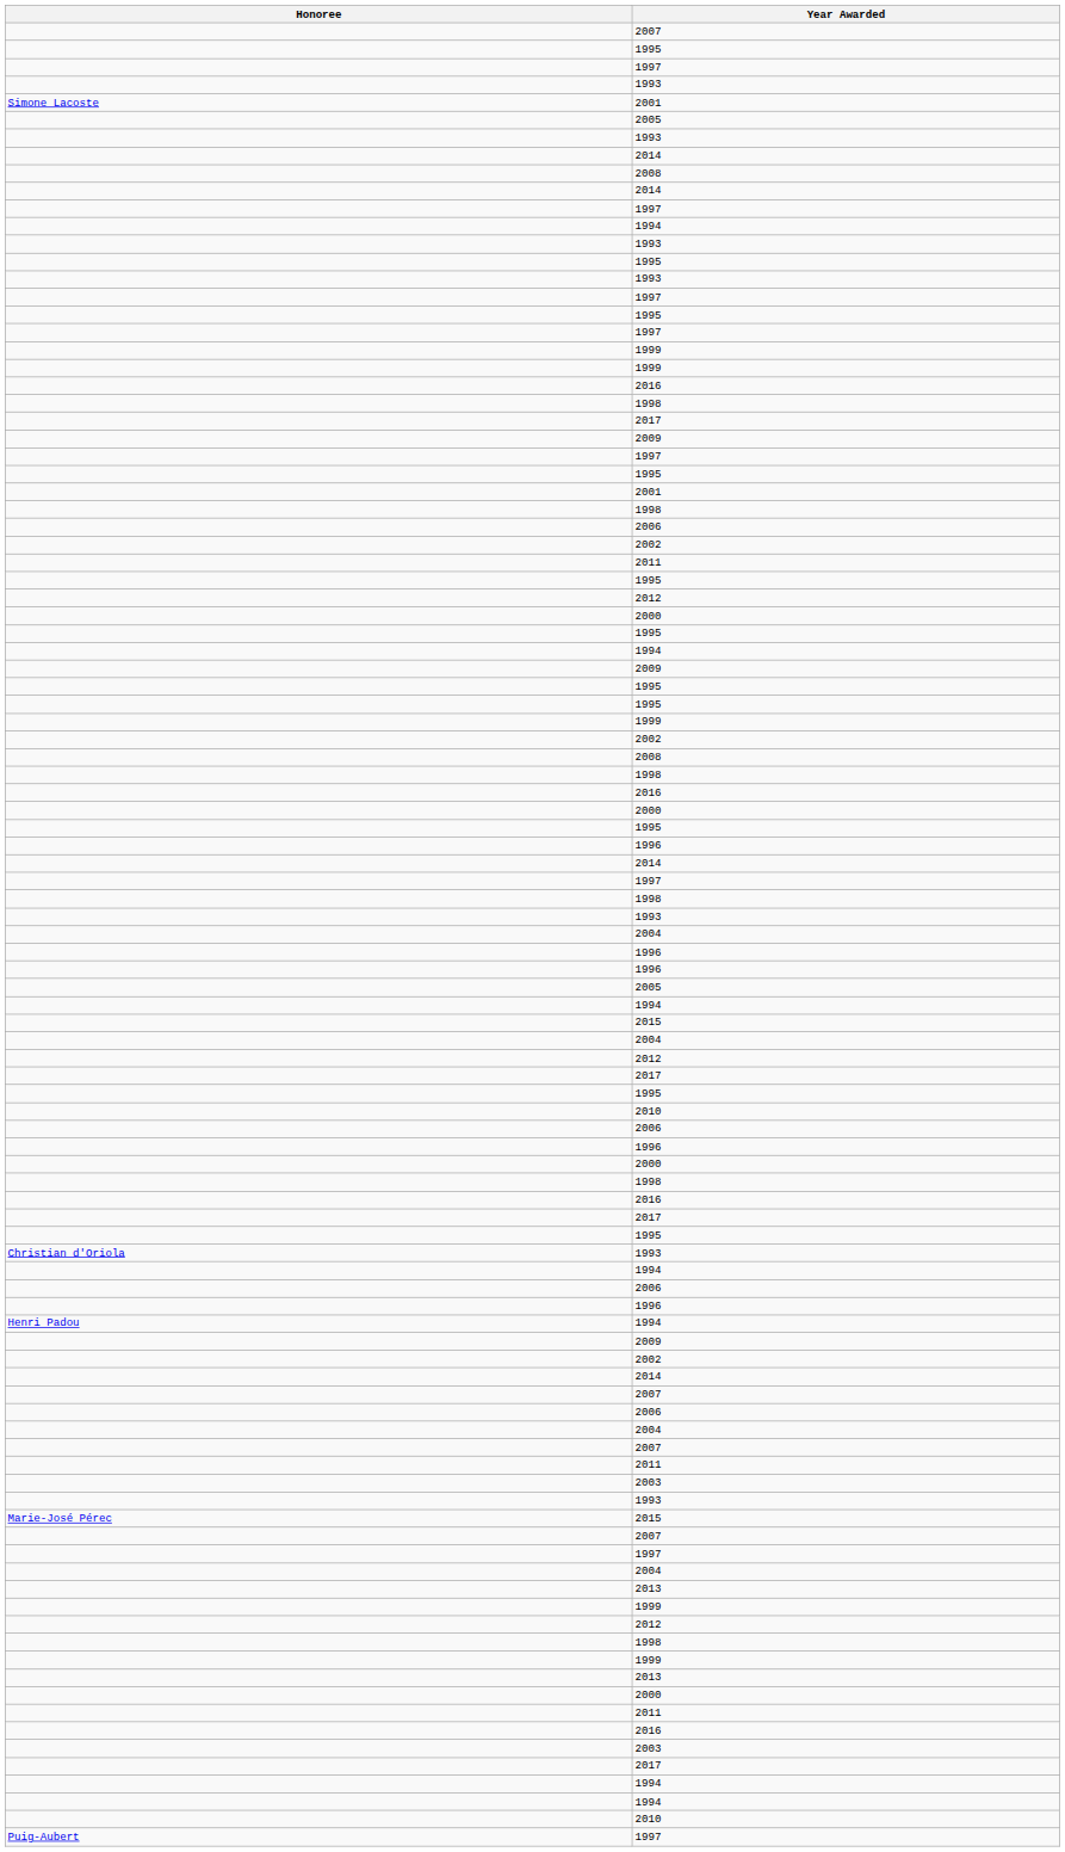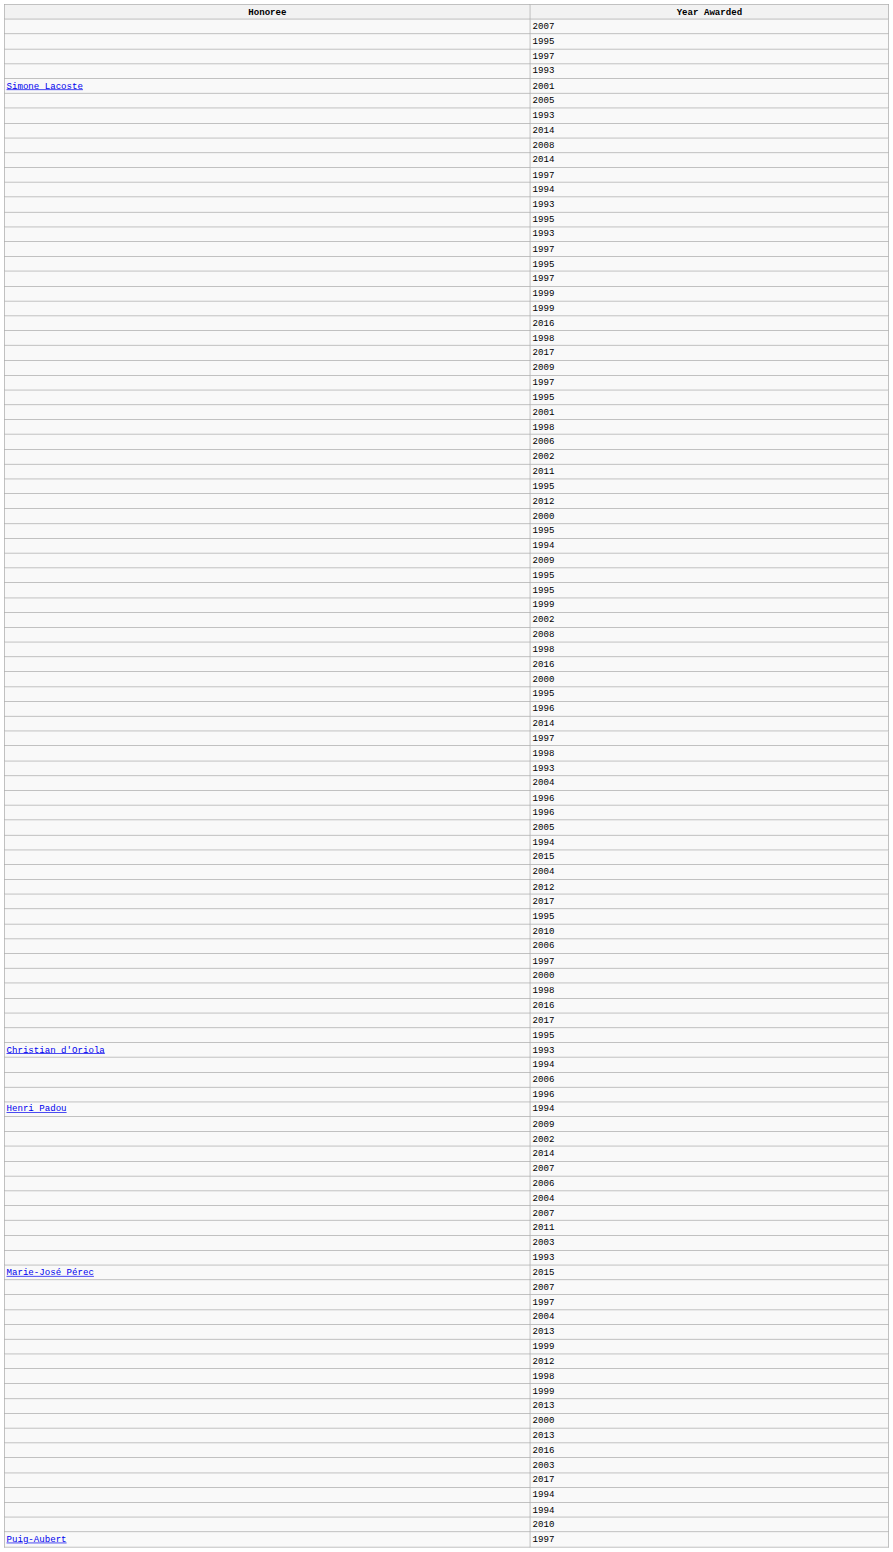 <table class="wikitable sortable" style="width: 100%">
 <tr>
 <th scope="col">Honoree</th>
 <th>Year Awarded</th>
 </tr>
 <tr>
 <td></td>
 <td>2007</td>
 </tr>
 <tr>
 <td></td>
 <td>1995</td>
 </tr>
 <tr>
 <td></td>
 <td>1997</td>
 </tr>
 <tr>
 <td></td>
 <td>1993</td>
 </tr>
 <tr>
 <td><a href='#'>Simone Lacoste</a></td>
 <td>2001</td>
 </tr>
 <tr>
 <td></td>
 <td>2005</td>
 </tr>
 <tr>
 <td></td>
 <td>1993</td>
 </tr>
 <tr>
 <td></td>
 <td>2014</td>
 </tr>
 <tr>
 <td></td>
 <td>2008</td>
 </tr>
 <tr>
 <td></td>
 <td>2014</td>
 </tr>
 <tr>
 <td></td>
 <td>1997</td>
 </tr>
 <tr>
 <td></td>
 <td>1994</td>
 </tr>
 <tr>
 <td></td>
 <td>1993</td>
 </tr>
 <tr>
 <td></td>
 <td>1995</td>
 </tr>
 <tr>
 <td></td>
 <td>1993</td>
 </tr>
 <tr>
 <td></td>
 <td>1997</td>
 </tr>
 <tr>
 <td></td>
 <td>1995</td>
 </tr>
 <tr>
 <td></td>
 <td>1997</td>
 </tr>
 <tr>
 <td></td>
 <td>1999</td>
 </tr>
 <tr>
 <td></td>
 <td>1999</td>
 </tr>
 <tr>
 <td></td>
 <td>2016</td>
 </tr>
 <tr>
 <td></td>
 <td>1998</td>
 </tr>
 <tr>
 <td></td>
 <td>2017</td>
 </tr>
 <tr>
 <td></td>
 <td>2009</td>
 </tr>
 <tr>
 <td></td>
 <td>1997</td>
 </tr>
 <tr>
 <td></td>
 <td>1995</td>
 </tr>
 <tr>
 <td></td>
 <td>2001</td>
 </tr>
 <tr>
 <td></td>
 <td>1998</td>
 </tr>
 <tr>
 <td></td>
 <td>2006</td>
 </tr>
 <tr>
 <td></td>
 <td>2002</td>
 </tr>
 <tr>
 <td></td>
 <td>2011</td>
 </tr>
 <tr>
 <td></td>
 <td>1995</td>
 </tr>
 <tr>
 <td></td>
 <td>2012</td>
 </tr>
 <tr>
 <td></td>
 <td>2000</td>
 </tr>
 <tr>
 <td></td>
 <td>1995</td>
 </tr>
 <tr>
 <td></td>
 <td>1994</td>
 </tr>
 <tr>
 <td></td>
 <td>2009</td>
 </tr>
 <tr>
 <td></td>
 <td>1995</td>
 </tr>
 <tr>
 <td></td>
 <td>1995</td>
 </tr>
 <tr>
 <td></td>
 <td>1999</td>
 </tr>
 <tr>
 <td></td>
 <td>2002</td>
 </tr>
 <tr>
 <td></td>
 <td>2008</td>
 </tr>
 <tr>
 <td></td>
 <td>1998</td>
 </tr>
 <tr>
 <td></td>
 <td>2016</td>
 </tr>
 <tr>
 <td></td>
 <td>2000</td>
 </tr>
 <tr>
 <td></td>
 <td>1995</td>
 </tr>
 <tr>
 <td></td>
 <td>1996</td>
 </tr>
 <tr>
 <td></td>
 <td>2014</td>
 </tr>
 <tr>
 <td></td>
 <td>1997</td>
 </tr>
 <tr>
 <td></td>
 <td>1998</td>
 </tr>
 <tr>
 <td></td>
 <td>1993</td>
 </tr>
 <tr>
 <td></td>
 <td>2004</td>
 </tr>
 <tr>
 <td></td>
 <td>1996</td>
 </tr>
 <tr>
 <td></td>
 <td>1996</td>
 </tr>
 <tr>
 <td></td>
 <td>2005</td>
 </tr>
 <tr>
 <td></td>
 <td>1994</td>
 </tr>
 <tr>
 <td></td>
 <td>2015</td>
 </tr>
 <tr>
 <td></td>
 <td>2004</td>
 </tr>
 <tr>
 <td></td>
 <td>2012</td>
 </tr>
 <tr>
 <td></td>
 <td>2017</td>
 </tr>
 <tr>
 <td></td>
 <td>1995</td>
 </tr>
 <tr>
 <td></td>
 <td>2010</td>
 </tr>
 <tr>
 <td></td>
 <td>2006</td>
 </tr>
 <tr>
 <td></td>
-<td>1996</td>
+<td>1997</td>
 </tr>
 <tr>
 <td></td>
 <td>2000</td>
 </tr>
 <tr>
 <td></td>
 <td>1998</td>
 </tr>
 <tr>
 <td></td>
 <td>2016</td>
 </tr>
 <tr>
 <td></td>
 <td>2017</td>
 </tr>
 <tr>
 <td></td>
 <td>1995</td>
 </tr>
 <tr>
 <td><a href='#'>Christian d'Oriola</a></td>
 <td>1993</td>
 </tr>
 <tr>
 <td></td>
 <td>1994</td>
 </tr>
 <tr>
 <td></td>
 <td>2006</td>
 </tr>
 <tr>
 <td></td>
 <td>1996</td>
 </tr>
 <tr>
 <td><a href='#'>Henri Padou</a></td>
 <td>1994</td>
 </tr>
 <tr>
 <td></td>
 <td>2009</td>
 </tr>
 <tr>
 <td></td>
 <td>2002</td>
 </tr>
 <tr>
 <td></td>
 <td>2014</td>
 </tr>
 <tr>
 <td></td>
 <td>2007</td>
 </tr>
 <tr>
 <td></td>
 <td>2006</td>
 </tr>
 <tr>
 <td></td>
 <td>2004</td>
 </tr>
 <tr>
 <td></td>
 <td>2007</td>
 </tr>
 <tr>
 <td></td>
 <td>2011</td>
 </tr>
 <tr>
 <td></td>
 <td>2003</td>
 </tr>
 <tr>
 <td></td>
 <td>1993</td>
 </tr>
 <tr>
 <td><a href='#'>Marie-José Pérec</a></td>
 <td>2015</td>
 </tr>
 <tr>
 <td></td>
 <td>2007</td>
 </tr>
 <tr>
 <td></td>
 <td>1997</td>
 </tr>
 <tr>
 <td></td>
 <td>2004</td>
 </tr>
 <tr>
 <td></td>
 <td>2013</td>
 </tr>
 <tr>
 <td></td>
 <td>1999</td>
 </tr>
 <tr>
 <td></td>
 <td>2012</td>
 </tr>
 <tr>
 <td></td>
 <td>1998</td>
 </tr>
 <tr>
 <td></td>
 <td>1999</td>
 </tr>
 <tr>
 <td></td>
 <td>2013</td>
 </tr>
 <tr>
 <td></td>
 <td>2000</td>
 </tr>
 <tr>
 <td></td>
-<td>2011</td>
+<td>2013</td>
 </tr>
 <tr>
 <td></td>
 <td>2016</td>
 </tr>
 <tr>
 <td></td>
 <td>2003</td>
 </tr>
 <tr>
 <td></td>
 <td>2017</td>
 </tr>
 <tr>
 <td></td>
 <td>1994</td>
 </tr>
 <tr>
 <td></td>
 <td>1994</td>
 </tr>
 <tr>
 <td></td>
 <td>2010</td>
 </tr>
 <tr>
 <td><a href='#'>Puig-Aubert</a></td>
 <td>1997</td>
 </tr>
 </table>
